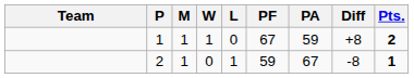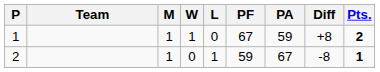 <table class=wikitable>
 <tr align=center>
+<th width=20px>P</th>
 <th width=150px>Team</th>
-<th width=20px>P</th>
 <th width=20px>M</th>
 <th width=20px>W</th>
 <th width=20px>L</th>
 <th width=40px>PF</th>
 <th width=40px>PA</th>
 <th width=40px>Diff</th>
 <th width=30px><a href='#'>Pts.</a></th>
 </tr>
 <tr align=center>
+<td>1</td>
 <td align=left></td>
-<td>1</td>
 <td>1</td>
 <td>1</td>
 <td>0</td>
 <td>67</td>
 <td>59</td>
 <td>+8</td>
 <td><strong>2</strong></td>
 </tr>
 <tr align=center>
+<td>2</td>
 <td align=left></td>
-<td>2</td>
 <td>1</td>
 <td>0</td>
 <td>1</td>
 <td>59</td>
 <td>67</td>
 <td>-8</td>
 <td><strong>1</strong></td>
 </tr>
 </table>
